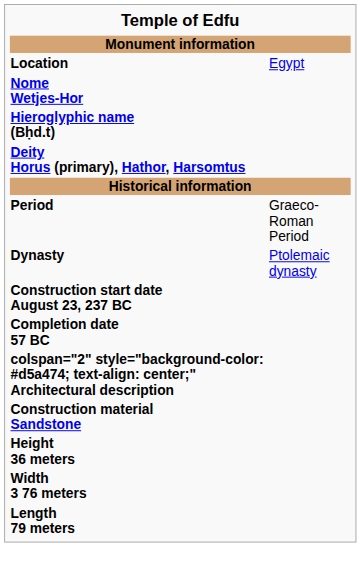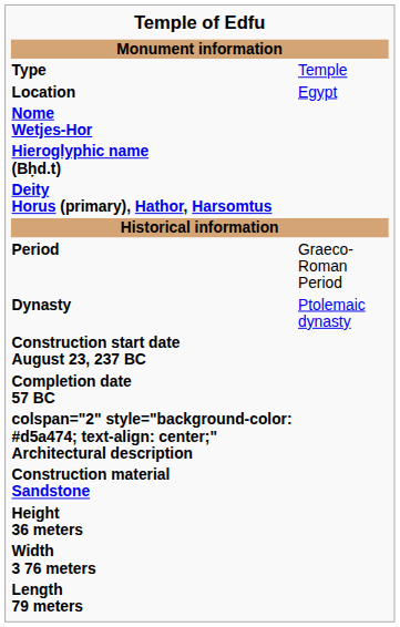 <table class="infobox" style="width: 25.5em; font-size: 90%; text-align: left;">
 <tr>
 <td colspan="2" style="font-size: larger; text-align: center;"><strong>Temple of Edfu</strong></td>
 </tr>
 <tr>
 </tr>
 <tr>
 <th colspan="2" style="background-color: #d5a474; text-align: center;">Monument information</th>
+</tr>
+<tr>
+<th>Type</th>
+<td><a href='#'>Temple</a></td>
 </tr>
 <tr>
 <th>Location</th>
 <td><a href='#'>Egypt</a></td>
 </tr>
 <tr>
 <th><a href='#'>Nome</a><br> <a href='#'>Wetjes-Hor</a></th>
 </tr>
 <tr>
 <th><a href='#'>Hieroglyphic name</a><br>   (Bḥd.t)</th>
 </tr>
 <tr>
 <th><a href='#'>Deity</a><br> <a href='#'>Horus</a> (primary), <a href='#'>Hathor</a>, <a href='#'>Harsomtus</a></th>
 </tr>
 <tr>
 <th colspan="2" style="background-color: #d5a474; text-align: center;">Historical information</th>
 </tr>
 <tr>
 <th>Period</th>
 <td>Graeco-Roman Period</td>
 </tr>
 <tr>
 <th>Dynasty</th>
 <td><a href='#'>Ptolemaic dynasty</a></td>
 </tr>
 <tr>
 <th>Construction start date<br> August 23, 237 BC</th>
 </tr>
 <tr>
 <th>Completion date<br> 57 BC</th>
 </tr>
 <tr>
 <th>colspan="2" style="background-color: #d5a474; text-align: center;"  Architectural description</th>
 </tr>
 <tr>
 <th>Construction material<br> <a href='#'>Sandstone</a></th>
 </tr>
 <tr>
 <th>Height<br> 36 meters</th>
 </tr>
 <tr>
 <th>Width<br> 3 76 meters</th>
 </tr>
 <tr>
 <th>Length<br> 79 meters</th>
 </tr>
 </table>
